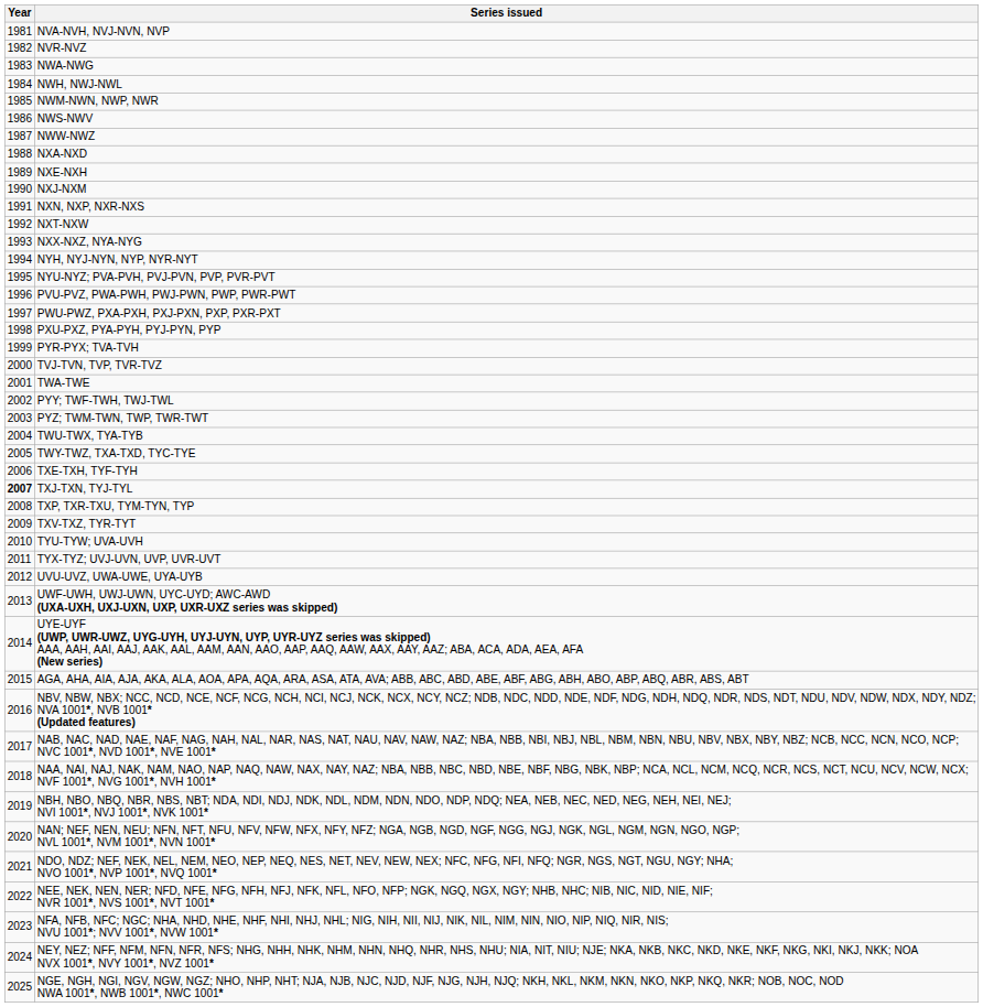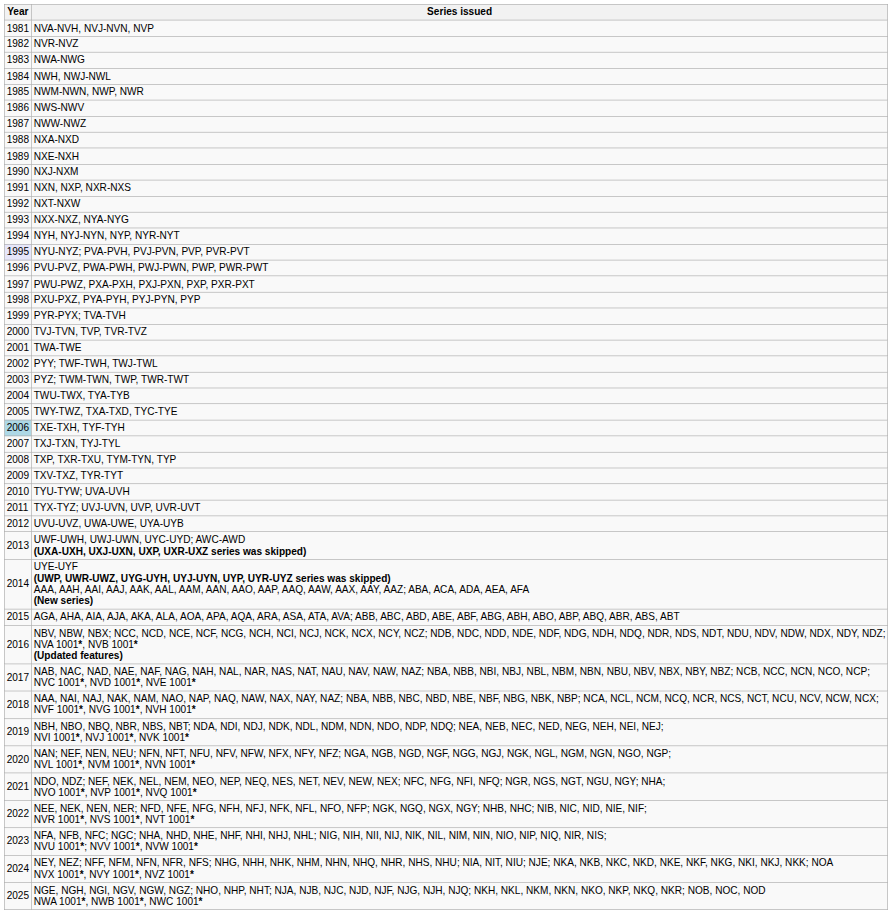 <table class="wikitable">
 <tr>
 <th>Year</th>
 <th>Series issued</th>
 </tr>
 <tr>
 <td>1981</td>
 <td>NVA-NVH, NVJ-NVN, NVP</td>
 </tr>
 <tr>
 <td>1982</td>
 <td>NVR-NVZ</td>
 </tr>
 <tr>
 <td>1983</td>
 <td>NWA-NWG</td>
 </tr>
 <tr>
 <td>1984</td>
 <td>NWH, NWJ-NWL</td>
 </tr>
 <tr>
 <td>1985</td>
 <td>NWM-NWN, NWP, NWR</td>
 </tr>
 <tr>
 <td>1986</td>
 <td>NWS-NWV</td>
 </tr>
 <tr>
 <td>1987</td>
 <td>NWW-NWZ</td>
 </tr>
 <tr>
 <td>1988</td>
 <td>NXA-NXD</td>
 </tr>
 <tr>
 <td>1989</td>
 <td>NXE-NXH</td>
 </tr>
 <tr>
 <td>1990</td>
 <td>NXJ-NXM</td>
 </tr>
 <tr>
 <td>1991</td>
 <td>NXN, NXP, NXR-NXS</td>
 </tr>
 <tr>
 <td>1992</td>
 <td>NXT-NXW</td>
 </tr>
 <tr>
 <td>1993</td>
 <td>NXX-NXZ, NYA-NYG</td>
 </tr>
 <tr>
 <td>1994</td>
 <td>NYH, NYJ-NYN, NYP, NYR-NYT</td>
 </tr>
 <tr>
-<td>1995</td>
+<td style="background: lavender;">1995</td>
 <td>NYU-NYZ; PVA-PVH, PVJ-PVN, PVP, PVR-PVT</td>
 </tr>
 <tr>
 <td>1996</td>
 <td>PVU-PVZ, PWA-PWH, PWJ-PWN, PWP, PWR-PWT</td>
 </tr>
 <tr>
 <td>1997</td>
 <td>PWU-PWZ, PXA-PXH, PXJ-PXN, PXP, PXR-PXT</td>
 </tr>
 <tr>
 <td>1998</td>
 <td>PXU-PXZ, PYA-PYH, PYJ-PYN, PYP</td>
 </tr>
 <tr>
 <td>1999</td>
 <td>PYR-PYX; TVA-TVH</td>
 </tr>
 <tr>
 <td>2000</td>
 <td>TVJ-TVN, TVP, TVR-TVZ</td>
 </tr>
 <tr>
 <td>2001</td>
 <td>TWA-TWE</td>
 </tr>
 <tr>
 <td>2002</td>
 <td>PYY; TWF-TWH, TWJ-TWL</td>
 </tr>
 <tr>
 <td>2003</td>
 <td>PYZ; TWM-TWN, TWP, TWR-TWT</td>
 </tr>
 <tr>
 <td>2004</td>
 <td>TWU-TWX, TYA-TYB</td>
 </tr>
 <tr>
 <td>2005</td>
 <td>TWY-TWZ, TXA-TXD, TYC-TYE</td>
 </tr>
 <tr>
-<td>2006</td>
+<td style="background: lightblue;">2006</td>
 <td>TXE-TXH, TYF-TYH</td>
 </tr>
 <tr>
-<td><strong>2007</strong></td>
+<td>2007</td>
 <td>TXJ-TXN, TYJ-TYL</td>
 </tr>
 <tr>
 <td>2008</td>
 <td>TXP, TXR-TXU, TYM-TYN, TYP</td>
 </tr>
 <tr>
 <td>2009</td>
 <td>TXV-TXZ, TYR-TYT</td>
 </tr>
 <tr>
 <td>2010</td>
 <td>TYU-TYW; UVA-UVH</td>
 </tr>
 <tr>
 <td>2011</td>
 <td>TYX-TYZ; UVJ-UVN, UVP, UVR-UVT</td>
 </tr>
 <tr>
 <td>2012</td>
 <td>UVU-UVZ, UWA-UWE, UYA-UYB</td>
 </tr>
 <tr>
 <td>2013</td>
 <td>UWF-UWH, UWJ-UWN, UYC-UYD; AWC-AWD<br><strong>(UXA-UXH, UXJ-UXN, UXP, UXR-UXZ series was skipped)</strong></td>
 </tr>
 <tr>
 <td>2014</td>
 <td>UYE-UYF<br><strong>(UWP, UWR-UWZ, UYG-UYH, UYJ-UYN, UYP, UYR-UYZ series was skipped)</strong><br>AAA, AAH, AAI, AAJ, AAK, AAL, AAM, AAN, AAO, AAP, AAQ, AAW, AAX, AAY, AAZ; ABA, ACA, ADA, AEA, AFA<br><strong>(New series)</strong></td>
 </tr>
 <tr>
 <td>2015</td>
 <td>AGA, AHA, AIA, AJA, AKA, ALA, AOA, APA, AQA, ARA, ASA, ATA, AVA; ABB, ABC, ABD, ABE, ABF, ABG, ABH, ABO, ABP, ABQ, ABR, ABS, ABT</td>
 </tr>
 <tr>
 <td>2016</td>
 <td>NBV, NBW, NBX; NCC, NCD, NCE, NCF, NCG, NCH, NCI, NCJ, NCK, NCX, NCY, NCZ; NDB, NDC, NDD, NDE, NDF, NDG, NDH, NDQ, NDR, NDS, NDT, NDU, NDV, NDW, NDX, NDY, NDZ;<br>NVA 1001<strong>*</strong>, NVB 1001<strong>*</strong><br><strong>(Updated features)</strong></td>
 </tr>
 <tr>
 <td>2017</td>
 <td>NAB, NAC, NAD, NAE, NAF, NAG, NAH, NAL, NAR, NAS, NAT, NAU, NAV, NAW, NAZ; NBA, NBB, NBI, NBJ, NBL, NBM, NBN, NBU, NBV, NBX, NBY, NBZ; NCB, NCC, NCN, NCO, NCP;<br>NVC 1001<strong>*</strong>, NVD 1001<strong>*</strong>, NVE 1001<strong>*</strong></td>
 </tr>
 <tr>
 <td>2018</td>
 <td>NAA, NAI, NAJ, NAK, NAM, NAO, NAP, NAQ, NAW, NAX, NAY, NAZ; NBA, NBB, NBC, NBD, NBE, NBF, NBG, NBK, NBP; NCA, NCL, NCM, NCQ, NCR, NCS, NCT, NCU, NCV, NCW, NCX;<br>NVF 1001<strong>*</strong>, NVG 1001<strong>*</strong>, NVH 1001<strong>*</strong></td>
 </tr>
 <tr>
 <td>2019</td>
 <td>NBH, NBO, NBQ, NBR, NBS, NBT; NDA, NDI, NDJ, NDK, NDL, NDM, NDN, NDO, NDP, NDQ; NEA, NEB, NEC, NED, NEG, NEH, NEI, NEJ;<br>NVI 1001<strong>*</strong>, NVJ 1001<strong>*</strong>, NVK 1001<strong>*</strong></td>
 </tr>
 <tr>
 <td>2020</td>
 <td>NAN; NEF, NEN, NEU; NFN, NFT, NFU, NFV, NFW, NFX, NFY, NFZ; NGA, NGB, NGD, NGF, NGG, NGJ, NGK, NGL, NGM, NGN, NGO, NGP;<br>NVL 1001<strong>*</strong>, NVM 1001<strong>*</strong>, NVN 1001<strong>*</strong></td>
 </tr>
 <tr>
 <td>2021</td>
 <td>NDO, NDZ; NEF, NEK, NEL, NEM, NEO, NEP, NEQ, NES, NET, NEV, NEW, NEX; NFC, NFG, NFI, NFQ; NGR, NGS, NGT, NGU, NGY; NHA;<br>NVO 1001<strong>*</strong>, NVP 1001<strong>*</strong>, NVQ 1001<strong>*</strong></td>
 </tr>
 <tr>
 <td>2022</td>
 <td>NEE, NEK, NEN, NER; NFD, NFE, NFG, NFH, NFJ, NFK, NFL, NFO, NFP; NGK, NGQ, NGX, NGY; NHB, NHC; NIB, NIC, NID, NIE, NIF;<br>NVR 1001<strong>*</strong>, NVS 1001<strong>*</strong>, NVT 1001<strong>*</strong></td>
 </tr>
 <tr>
 <td>2023</td>
 <td>NFA, NFB, NFC; NGC; NHA, NHD, NHE, NHF, NHI, NHJ, NHL; NIG, NIH, NII, NIJ, NIK, NIL, NIM, NIN, NIO, NIP, NIQ, NIR, NIS;<br>NVU 1001<strong>*</strong>; NVV 1001<strong>*</strong>, NVW 1001<strong>*</strong></td>
 </tr>
 <tr>
 <td>2024</td>
 <td>NEY, NEZ; NFF, NFM, NFN, NFR, NFS; NHG, NHH, NHK, NHM, NHN, NHQ, NHR, NHS, NHU; NIA, NIT, NIU; NJE; NKA, NKB, NKC, NKD, NKE, NKF, NKG, NKI, NKJ, NKK; NOA<br>NVX 1001<strong>*</strong>, NVY 1001<strong>*</strong>, NVZ 1001<strong>*</strong></td>
 </tr>
 <tr>
 <td>2025</td>
 <td>NGE, NGH, NGI, NGV, NGW, NGZ; NHO, NHP, NHT; NJA, NJB, NJC, NJD, NJF, NJG, NJH, NJQ; NKH, NKL, NKM, NKN, NKO, NKP, NKQ, NKR; NOB, NOC, NOD<br>NWA 1001<strong>*</strong>, NWB 1001<strong>*</strong>, NWC 1001<strong>*</strong></td>
 </tr>
 </table>
